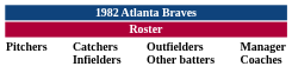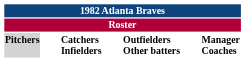 <table class="toccolours" style="font-size: 95%;">
 <tr>
 <th colspan="10" style="background-color: #0f437c; color: #FFFFFF; text-align: center;">1982 Atlanta Braves</th>
 </tr>
 <tr>
 <td colspan="10" style="background-color: #af0039; color: white; text-align: center;"><strong>Roster</strong></td>
 </tr>
 <tr>
-<td valign="top"><strong>Pitchers</strong><br>                </td>
+<td valign="top" style="background: lightgrey;"><strong>Pitchers</strong><br>                </td>
 <td width="25px"></td>
 <td valign="top"><strong>Catchers</strong><br>    <strong>Infielders</strong>         </td>
 <td width="25px"></td>
 <td valign="top"><strong>Outfielders</strong><br>       <strong>Other batters</strong>  </td>
 <td width="25px"></td>
 <td valign="top"><strong>Manager</strong><br> <strong>Coaches</strong>     </td>
 </tr>
 </table>
